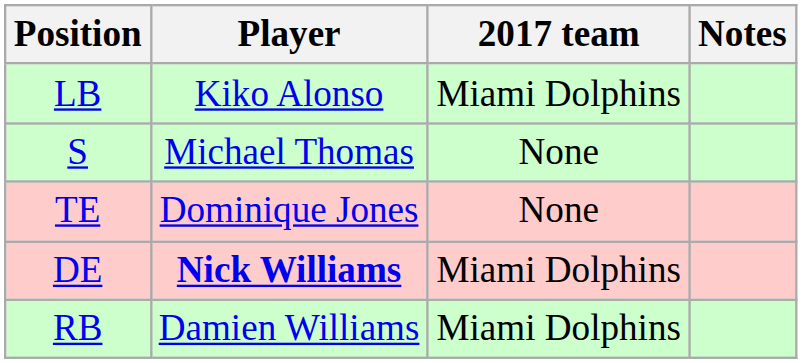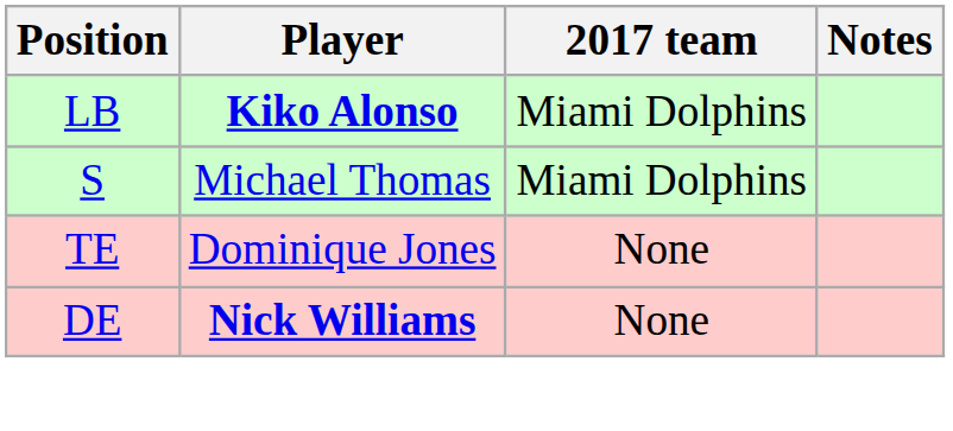 <table class="wikitable" style="text-align:center">
 <tr>
 <th>Position</th>
 <th>Player</th>
 <th>2017 team</th>
 <th>Notes</th>
 </tr>
 <tr style="background:#cfc">
 <td><a href='#'>LB</a></td>
-<td><a href='#'>Kiko Alonso</a></td>
+<td><strong><a href='#'>Kiko Alonso</a></strong></td>
 <td>Miami Dolphins</td>
 <td></td>
 </tr>
 <tr style="background:#cfc">
 <td><a href='#'>S</a></td>
 <td><a href='#'>Michael Thomas</a></td>
-<td>None</td>
+<td>Miami Dolphins</td>
 <td></td>
 </tr>
 <tr style="background:#fcc">
 <td><a href='#'>TE</a></td>
 <td><a href='#'>Dominique Jones</a></td>
 <td>None</td>
 <td></td>
 </tr>
 <tr style="background:#fcc">
 <td><a href='#'>DE</a></td>
 <td><strong><a href='#'>Nick Williams</a></strong></td>
-<td>Miami Dolphins</td>
-<td></td>
-</tr>
-<tr style="background:#cfc">
-<td><a href='#'>RB</a></td>
-<td><a href='#'>Damien Williams</a></td>
-<td>Miami Dolphins</td>
+<td>None</td>
 <td></td>
 </tr>
 </table>
